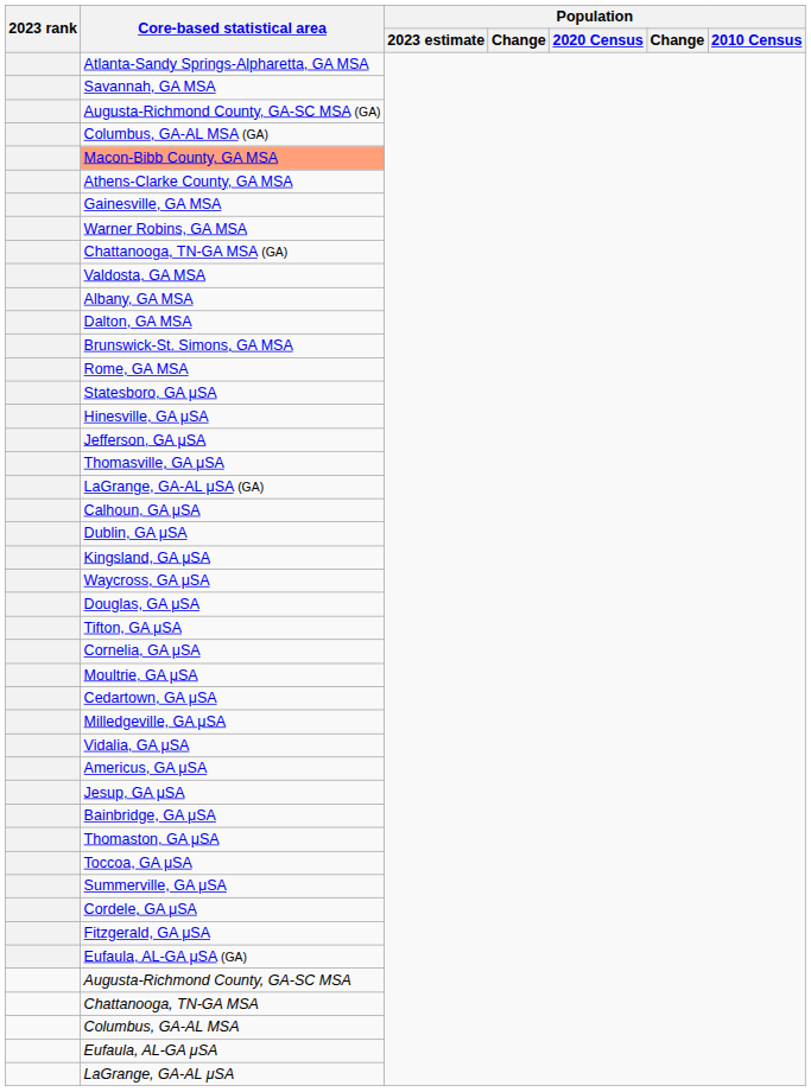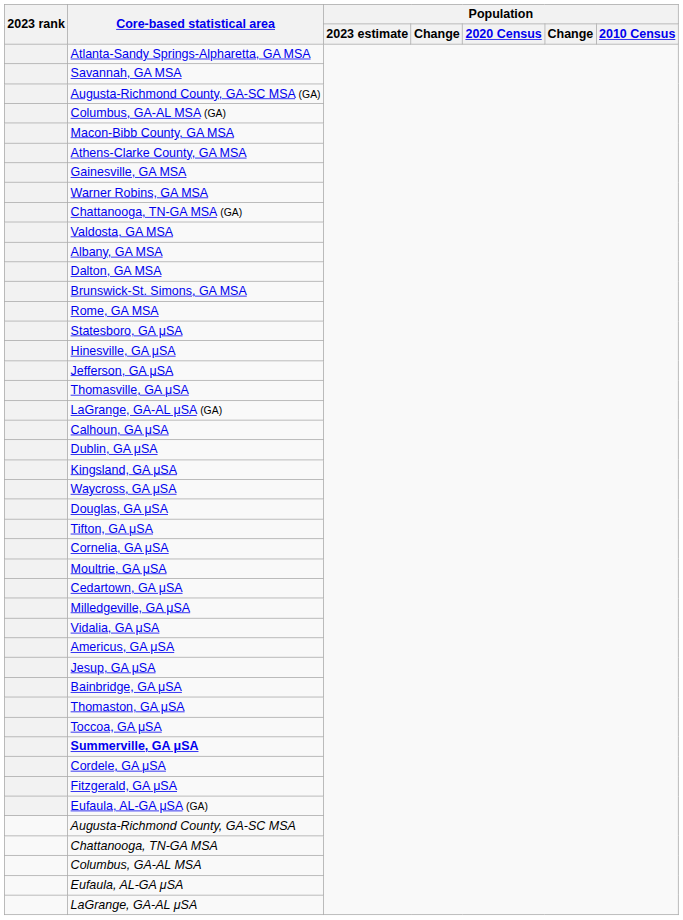 <table class="wikitable sortable">
 <tr>
 <th scope=col rowspan=2>2023 rank</th>
 <th scope=col rowspan=2><a href='#'>Core-based statistical area</a></th>
 <th colspan=5>Population</th>
 </tr>
 <tr>
 <th scope=col>2023 estimate</th>
 <th scope=col>Change</th>
 <th scope=col><a href='#'>2020 Census</a></th>
 <th scope=col>Change</th>
 <th scope=col><a href='#'>2010 Census</a></th>
 </tr>
 <tr>
 <th scope=row></th>
 <td><a href='#'>Atlanta-Sandy Springs-Alpharetta, GA MSA</a><br></td>
 </tr>
 <tr>
 <th scope=row></th>
 <td><a href='#'>Savannah, GA MSA</a><br></td>
 </tr>
 <tr>
 <th scope=row></th>
 <td><a href='#'>Augusta-Richmond County, GA-SC MSA</a> <small>(GA)</small><br></td>
 </tr>
 <tr>
 <th scope=row></th>
 <td><a href='#'>Columbus, GA-AL MSA</a> <small>(GA)</small><br></td>
 </tr>
 <tr>
 <th scope=row></th>
-<td style="background: lightsalmon;"><a href='#'>Macon-Bibb County, GA MSA</a><br></td>
+<td><a href='#'>Macon-Bibb County, GA MSA</a><br></td>
 </tr>
 <tr>
 <th scope=row></th>
 <td><a href='#'>Athens-Clarke County, GA MSA</a><br></td>
 </tr>
 <tr>
 <th scope=row></th>
 <td><a href='#'>Gainesville, GA MSA</a><br></td>
 </tr>
 <tr>
 <th scope=row></th>
 <td><a href='#'>Warner Robins, GA MSA</a><br></td>
 </tr>
 <tr>
 <th scope=row></th>
 <td><a href='#'>Chattanooga, TN-GA MSA</a> <small>(GA)</small><br></td>
 </tr>
 <tr>
 <th scope=row></th>
 <td><a href='#'>Valdosta, GA MSA</a><br></td>
 </tr>
 <tr>
 <th scope=row></th>
 <td><a href='#'>Albany, GA MSA</a><br></td>
 </tr>
 <tr>
 <th scope=row></th>
 <td><a href='#'>Dalton, GA MSA</a><br></td>
 </tr>
 <tr>
 <th scope=row></th>
 <td><a href='#'>Brunswick-St. Simons, GA MSA</a><br></td>
 </tr>
 <tr>
 <th scope=row></th>
 <td><a href='#'>Rome, GA MSA</a><br></td>
 </tr>
 <tr>
 <th scope=row></th>
 <td><a href='#'>Statesboro, GA μSA</a><br></td>
 </tr>
 <tr>
 <th scope=row></th>
 <td><a href='#'>Hinesville, GA μSA</a><br></td>
 </tr>
 <tr>
 <th scope=row></th>
 <td><a href='#'>Jefferson, GA μSA</a><br></td>
 </tr>
 <tr>
 <th scope=row></th>
 <td><a href='#'>Thomasville, GA μSA</a><br></td>
 </tr>
 <tr>
 <th scope=row></th>
 <td><a href='#'>LaGrange, GA-AL μSA</a> <small>(GA)</small><br></td>
 </tr>
 <tr>
 <th scope=row></th>
 <td><a href='#'>Calhoun, GA μSA</a><br></td>
 </tr>
 <tr>
 <th scope=row></th>
 <td><a href='#'>Dublin, GA μSA</a><br></td>
 </tr>
 <tr>
 <th scope=row></th>
 <td><a href='#'>Kingsland, GA μSA</a><br></td>
 </tr>
 <tr>
 <th scope=row></th>
 <td><a href='#'>Waycross, GA μSA</a><br></td>
 </tr>
 <tr>
 <th scope=row></th>
 <td><a href='#'>Douglas, GA μSA</a><br></td>
 </tr>
 <tr>
 <th scope=row></th>
 <td><a href='#'>Tifton, GA μSA</a><br></td>
 </tr>
 <tr>
 <th scope=row></th>
 <td><a href='#'>Cornelia, GA μSA</a><br></td>
 </tr>
 <tr>
 <th scope=row></th>
 <td><a href='#'>Moultrie, GA μSA</a><br></td>
 </tr>
 <tr>
 <th scope=row></th>
 <td><a href='#'>Cedartown, GA μSA</a><br></td>
 </tr>
 <tr>
 <th scope=row></th>
 <td><a href='#'>Milledgeville, GA μSA</a><br></td>
 </tr>
 <tr>
 <th scope=row></th>
 <td><a href='#'>Vidalia, GA μSA</a><br></td>
 </tr>
 <tr>
 <th scope=row></th>
 <td><a href='#'>Americus, GA μSA</a><br></td>
 </tr>
 <tr>
 <th scope=row></th>
 <td><a href='#'>Jesup, GA μSA</a><br></td>
 </tr>
 <tr>
 <th scope=row></th>
 <td><a href='#'>Bainbridge, GA μSA</a><br></td>
 </tr>
 <tr>
 <th scope=row></th>
 <td><a href='#'>Thomaston, GA μSA</a><br></td>
 </tr>
 <tr>
 <th scope=row></th>
 <td><a href='#'>Toccoa, GA μSA</a><br></td>
 </tr>
 <tr>
 <th scope=row></th>
-<td><a href='#'>Summerville, GA μSA</a><br></td>
+<td><strong><a href='#'>Summerville, GA μSA</a><br></strong></td>
 </tr>
 <tr>
 <th scope=row></th>
 <td><a href='#'>Cordele, GA μSA</a><br></td>
 </tr>
 <tr>
 <th scope=row></th>
 <td><a href='#'>Fitzgerald, GA μSA</a><br></td>
 </tr>
 <tr>
 <th scope=row></th>
 <td><a href='#'>Eufaula, AL-GA μSA</a> <small>(GA)</small><br></td>
 </tr>
 <tr>
 <td></td>
 <td><em><span>Augusta-Richmond County, GA-SC MSA</span></em><br></td>
 </tr>
 <tr>
 <td></td>
 <td><em><span>Chattanooga, TN-GA MSA</span></em><br></td>
 </tr>
 <tr>
 <td></td>
 <td><em><span>Columbus, GA-AL MSA</span></em><br></td>
 </tr>
 <tr>
 <td></td>
 <td><em><span>Eufaula, AL-GA μSA</span></em><br></td>
 </tr>
 <tr>
 <td></td>
 <td><em><span>LaGrange, GA-AL μSA</span></em><br></td>
 </tr>
 </table>
